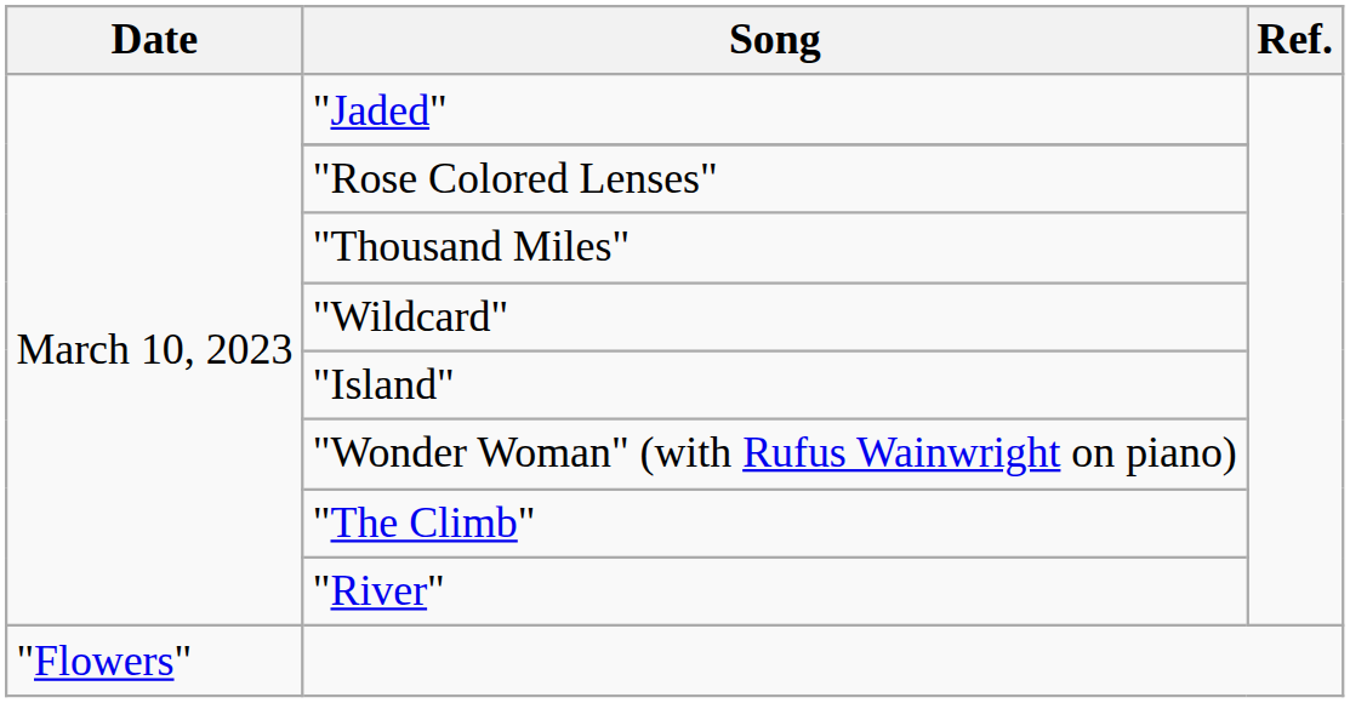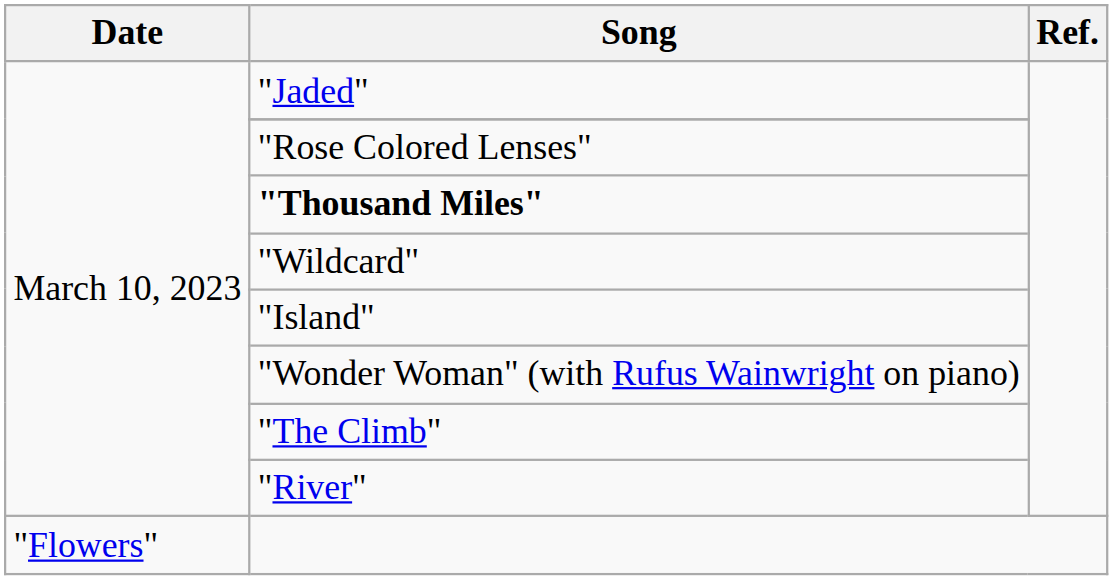 <table class="wikitable">
 <tr>
 <th>Date</th>
 <th>Song</th>
 <th>Ref.</th>
 </tr>
 <tr>
 <td rowspan="9">March 10, 2023</td>
 <td>"<a href='#'>Jaded</a>"</td>
 <td rowspan="9"></td>
 </tr>
 <tr>
 </tr>
 <tr>
 <td>"Rose Colored Lenses"</td>
 </tr>
 <tr>
-<td>"Thousand Miles"</td>
+<td><strong>"Thousand Miles"</strong></td>
 </tr>
 <tr>
 <td>"Wildcard"</td>
 </tr>
 <tr>
 <td>"Island"</td>
 </tr>
 <tr>
 <td>"Wonder Woman" (with <a href='#'>Rufus Wainwright</a> on piano)</td>
 </tr>
 <tr>
 <td>"<a href='#'>The Climb</a>"</td>
 </tr>
 <tr>
 <td>"<a href='#'>River</a>"</td>
 </tr>
 <tr>
 <td>"<a href='#'>Flowers</a>"</td>
 </tr>
 </table>
